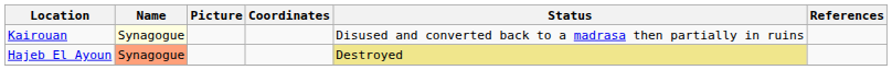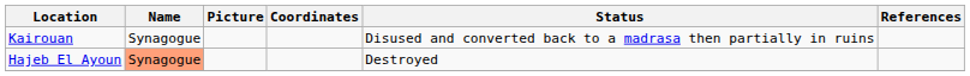 <table class="wikitable sortable">
 <tr>
 <th>Location</th>
 <th>Name</th>
 <th>Picture</th>
 <th>Coordinates</th>
 <th>Status</th>
 <th>References</th>
 </tr>
 <tr>
 <td><a href='#'>Kairouan</a></td>
-<td style="background: lightyellow;">Synagogue</td>
+<td>Synagogue</td>
 <td align=center></td>
 <td></td>
 <td>Disused and converted back to a <a href='#'>madrasa</a> then partially in ruins</td>
 <td></td>
 </tr>
 <tr>
 <td><a href='#'>Hajeb El Ayoun</a></td>
 <td style="background: lightsalmon;">Synagogue</td>
 <td align=center></td>
 <td></td>
-<td style="background: khaki;">Destroyed</td>
+<td>Destroyed</td>
 <td></td>
 </tr>
 <tr>
 </tr>
 </table>
